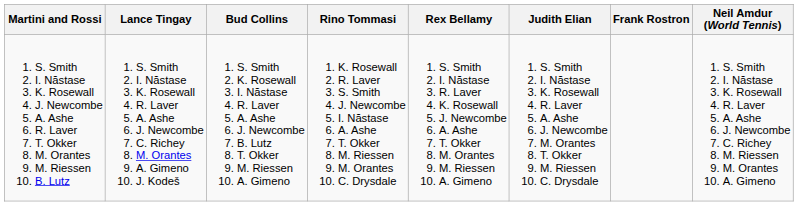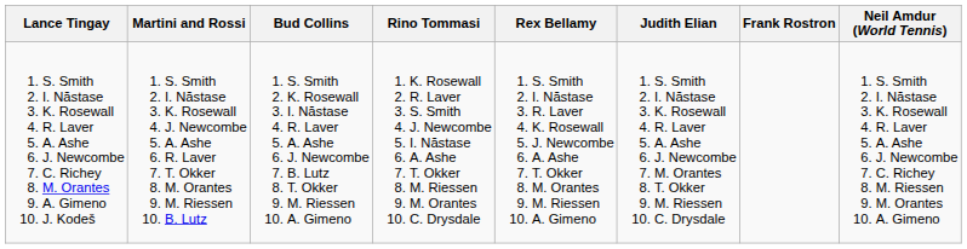 <table class="wikitable">
 <tr>
+<th>Lance Tingay</th>
 <th>Martini and Rossi</th>
-<th>Lance Tingay</th>
 <th>Bud Collins</th>
 <th>Rino Tommasi</th>
 <th>Rex Bellamy</th>
 <th>Judith Elian</th>
 <th>Frank Rostron<em></em></th>
 <th>Neil Amdur<br>(<em>World Tennis</em>)</th>
 </tr>
 <tr style="vertical-align: top;">
+<td style="white-space: nowrap;"><br><ol><li> S. Smith</li><li> I. Năstase</li><li> K. Rosewall</li><li> R. Laver</li><li> A. Ashe</li><li> J. Newcombe</li><li> C. Richey</li><li> <a href='#'>M. Orantes</a></li><li> A. Gimeno</li><li> J. Kodeš</li></ol></td>
 <td style="white-space: nowrap;"><br><ol><li> S. Smith</li><li> I. Năstase</li><li> K. Rosewall</li><li> J. Newcombe</li><li> A. Ashe</li><li> R. Laver</li><li> T. Okker</li><li> M. Orantes</li><li> M. Riessen</li><li> <a href='#'>B. Lutz</a></li></ol></td>
-<td style="white-space: nowrap;"><br><ol><li> S. Smith</li><li> I. Năstase</li><li> K. Rosewall</li><li> R. Laver</li><li> A. Ashe</li><li> J. Newcombe</li><li> C. Richey</li><li> <a href='#'>M. Orantes</a></li><li> A. Gimeno</li><li> J. Kodeš</li></ol></td>
 <td style="white-space: nowrap;"><br><ol><li> S. Smith</li><li> K. Rosewall</li><li> I. Năstase</li><li> R. Laver</li><li> A. Ashe</li><li> J. Newcombe</li><li> B. Lutz</li><li> T. Okker</li><li> M. Riessen</li><li> A. Gimeno</li></ol></td>
 <td style="white-space: nowrap;"><br><ol><li> K. Rosewall</li><li> R. Laver</li><li> S. Smith</li><li> J. Newcombe</li><li> I. Năstase</li><li> A. Ashe</li><li> T. Okker</li><li> M. Riessen</li><li> M. Orantes</li><li> C. Drysdale</li></ol></td>
 <td style="white-space: nowrap;"><br><ol><li> S. Smith</li><li> I. Năstase</li><li> R. Laver</li><li> K. Rosewall</li><li> J. Newcombe</li><li> A. Ashe</li><li> T. Okker</li><li> M. Orantes</li><li> M. Riessen</li><li> A. Gimeno</li></ol></td>
 <td style="white-space: nowrap;"><br><ol><li> S. Smith</li><li> I. Năstase</li><li> K. Rosewall</li><li> R. Laver</li><li> A. Ashe</li><li> J. Newcombe</li><li> M. Orantes</li><li> T. Okker</li><li> M. Riessen</li><li> C. Drysdale</li></ol></td>
 <td style="white-space: nowrap;"><br></td>
 <td style="white-space: nowrap;"><br><ol><li> S. Smith</li><li> I. Năstase</li><li> K. Rosewall</li><li> R. Laver</li><li> A. Ashe</li><li> J. Newcombe</li><li> C. Richey</li><li> M. Riessen</li><li> M. Orantes</li><li> A. Gimeno</li></ol></td>
 </tr>
 </table>
